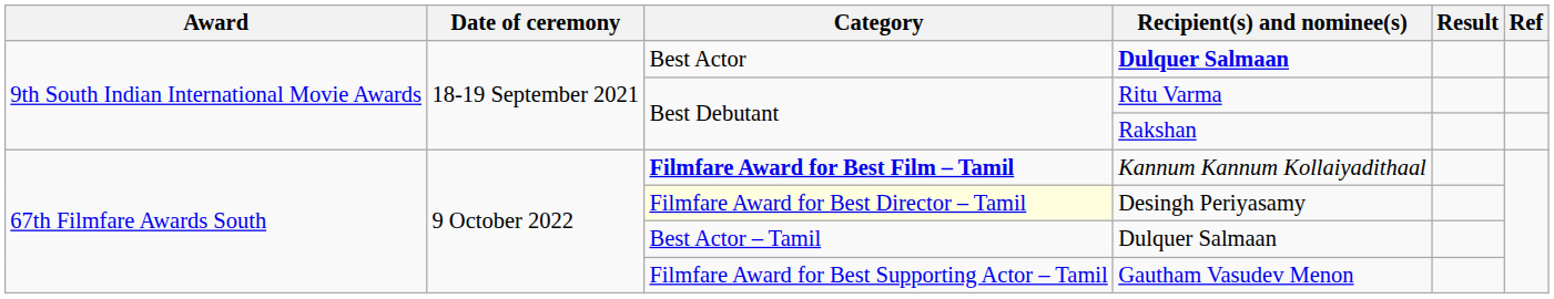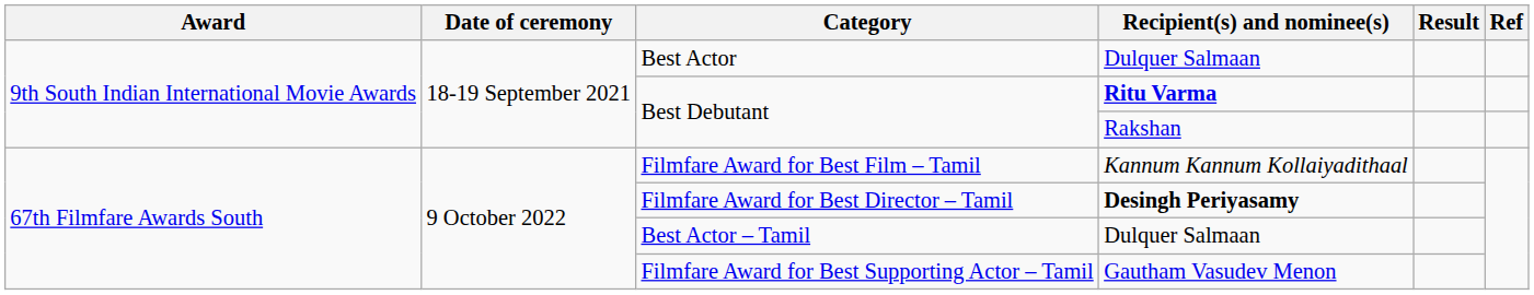 <table class="wikitable plainrowheaders sortable">
 <tr>
 <th scope="col">Award</th>
 <th scope="col">Date of ceremony</th>
 <th scope="col">Category</th>
 <th scope="col">Recipient(s) and nominee(s)</th>
 <th scope="col">Result</th>
 <th>Ref</th>
 </tr>
 <tr>
 <td rowspan="3" scope="row"><a href='#'>9th South Indian International Movie Awards</a></td>
 <td rowspan="3" style="text-align:center;">18-19 September 2021</td>
 <td>Best Actor</td>
-<td><strong><a href='#'>Dulquer Salmaan</a></strong></td>
+<td><a href='#'>Dulquer Salmaan</a></td>
 <td></td>
 <td></td>
 </tr>
 <tr>
 <td rowspan="2">Best Debutant</td>
-<td><a href='#'>Ritu Varma</a></td>
+<td><strong><a href='#'>Ritu Varma</a></strong></td>
 <td></td>
 <td></td>
 </tr>
 <tr>
 <td><a href='#'>Rakshan</a></td>
 <td></td>
 <td></td>
 </tr>
 <tr>
 <td rowspan="4"><a href='#'>67th Filmfare Awards South</a></td>
 <td rowspan="4">9 October 2022</td>
-<td><strong><a href='#'>Filmfare Award for Best Film – Tamil</a></strong></td>
+<td><a href='#'>Filmfare Award for Best Film – Tamil</a></td>
 <td><em>Kannum Kannum Kollaiyadithaal</em></td>
 <td></td>
 <td rowspan="4"></td>
 </tr>
 <tr>
-<td style="background: lightyellow;"><a href='#'>Filmfare Award for Best Director – Tamil</a></td>
-<td>Desingh Periyasamy</td>
+<td><a href='#'>Filmfare Award for Best Director – Tamil</a></td>
+<td><strong>Desingh Periyasamy</strong></td>
 <td></td>
 </tr>
 <tr>
 <td><a href='#'>Best Actor – Tamil</a></td>
 <td>Dulquer Salmaan</td>
 <td></td>
 </tr>
 <tr>
 <td><a href='#'>Filmfare Award for Best Supporting Actor – Tamil</a></td>
 <td><a href='#'>Gautham Vasudev Menon</a></td>
 <td></td>
 </tr>
 </table>
